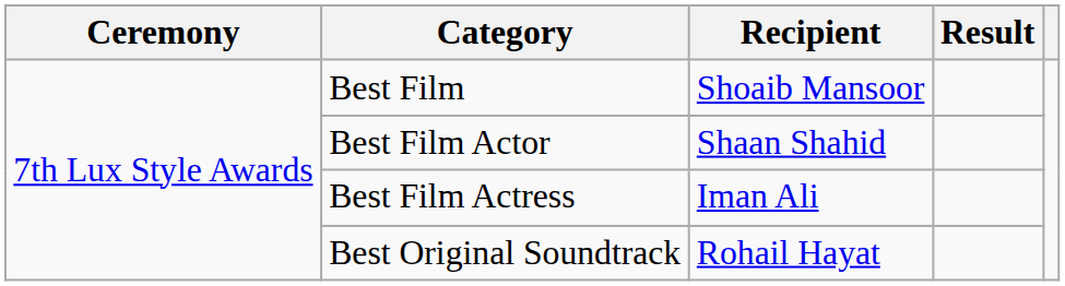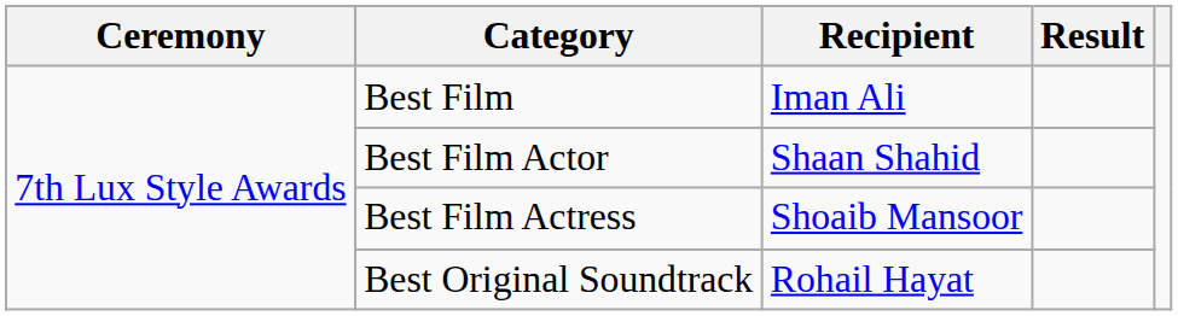 <table class="wikitable style">
 <tr>
 <th>Ceremony</th>
 <th>Category</th>
 <th>Recipient</th>
 <th>Result</th>
 <th></th>
 </tr>
 <tr>
 <td rowspan="4"><a href='#'>7th Lux Style Awards</a></td>
 <td>Best Film</td>
-<td><a href='#'>Shoaib Mansoor</a></td>
+<td><a href='#'>Iman Ali</a></td>
 <td></td>
 <td rowspan="4"></td>
 </tr>
 <tr>
 <td>Best Film Actor</td>
 <td><a href='#'>Shaan Shahid</a></td>
 <td></td>
 </tr>
 <tr>
 <td>Best Film Actress</td>
-<td><a href='#'>Iman Ali</a></td>
+<td><a href='#'>Shoaib Mansoor</a></td>
 <td></td>
 </tr>
 <tr>
 <td>Best Original Soundtrack</td>
 <td><a href='#'>Rohail Hayat</a></td>
 <td></td>
 </tr>
 </table>
